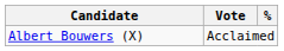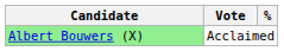 <table class="wikitable">
 <tr>
 <th bgcolor="#DDDDFF" width="200px">Candidate</th>
 <th bgcolor="#DDDDFF">Vote</th>
 <th bgcolor="#DDDDFF">%</th>
 </tr>
 <tr>
-<td><a href='#'>Albert Bouwers</a> (X)</td>
+<td style="background: lightgreen;"><a href='#'>Albert Bouwers</a> (X)</td>
 <td colspan="2">Acclaimed</td>
 </tr>
 </table>
